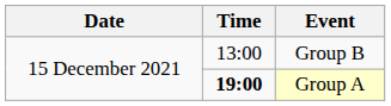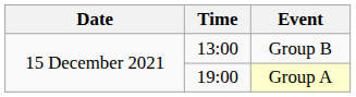 <table class = "wikitable" style="text-align:center;">
 <tr>
 <th width=150>Date</th>
 <th width=50>Time</th>
 <th width=80>Event</th>
 </tr>
 <tr>
 <td rowspan=2>15 December 2021</td>
 <td>13:00</td>
 <td>Group B</td>
 </tr>
 <tr>
-<td><strong>19:00</strong></td>
+<td>19:00</td>
 <td bgcolor=ffffcc>Group A</td>
 </tr>
 </table>
